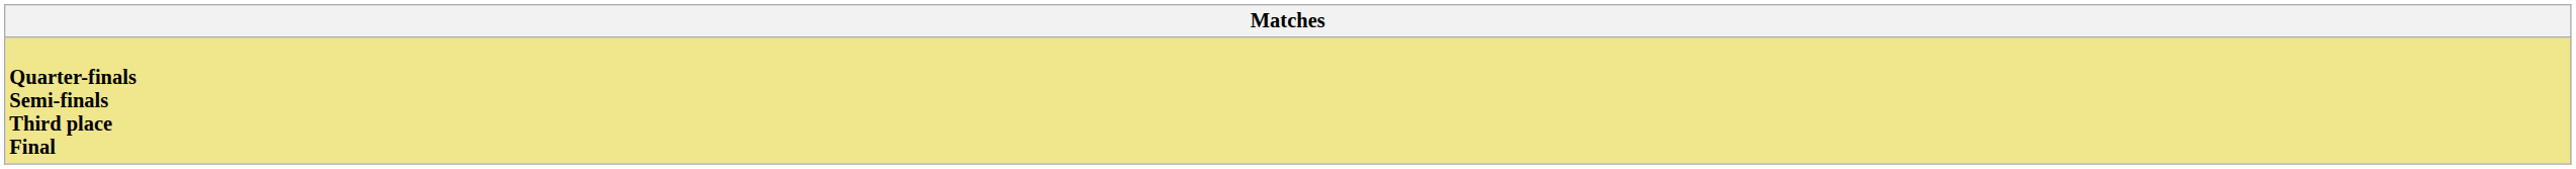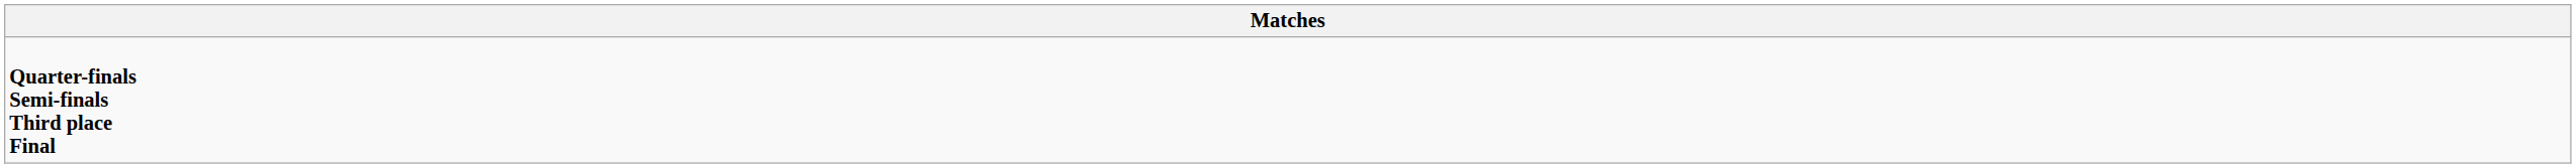 <table class="wikitable collapsible collapsed" style="width:100%;">
 <tr>
 <th>Matches</th>
 </tr>
 <tr>
-<td style="background: khaki;"><br><strong>Quarter-finals</strong>    <br><strong>Semi-finals</strong>  <br><strong>Third place</strong> <br><strong>Final</strong> </td>
+<td><br><strong>Quarter-finals</strong>    <br><strong>Semi-finals</strong>  <br><strong>Third place</strong> <br><strong>Final</strong> </td>
 </tr>
 </table>
